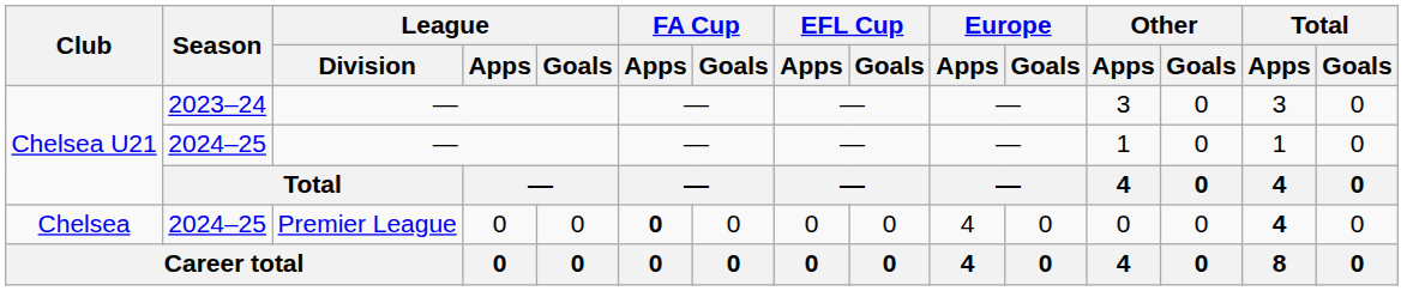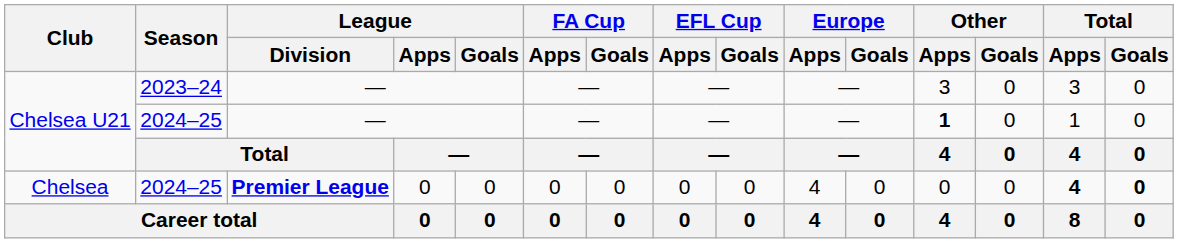 <table class=wikitable style=text-align:center>
 <tr>
 <th rowspan=2>Club</th>
 <th rowspan=2>Season</th>
 <th colspan=3>League</th>
 <th colspan=2><a href='#'>FA Cup</a></th>
 <th colspan=2><a href='#'>EFL Cup</a></th>
 <th colspan=2><a href='#'>Europe</a></th>
 <th colspan=2>Other</th>
 <th colspan=2>Total</th>
 </tr>
 <tr>
 <th>Division</th>
 <th>Apps</th>
 <th>Goals</th>
 <th>Apps</th>
 <th>Goals</th>
 <th>Apps</th>
 <th>Goals</th>
 <th>Apps</th>
 <th>Goals</th>
 <th>Apps</th>
 <th>Goals</th>
 <th>Apps</th>
 <th>Goals</th>
 </tr>
 <tr>
 <td rowspan=3><a href='#'>Chelsea U21</a></td>
 <td><a href='#'>2023–24</a></td>
 <td colspan=3>—</td>
 <td colspan=2>—</td>
 <td colspan=2>—</td>
 <td colspan=2>—</td>
 <td>3</td>
 <td>0</td>
 <td>3</td>
 <td>0</td>
 </tr>
 <tr>
 <td><a href='#'>2024–25</a></td>
 <td colspan=3>—</td>
 <td colspan=2>—</td>
 <td colspan=2>—</td>
 <td colspan=2>—</td>
-<td>1</td>
+<td><strong>1</strong></td>
 <td>0</td>
 <td>1</td>
 <td>0</td>
 </tr>
 <tr>
 <th colspan=2>Total</th>
 <th colspan=2>—</th>
 <th colspan=2>—</th>
 <th colspan=2>—</th>
 <th colspan=2>—</th>
 <th>4</th>
 <th>0</th>
 <th>4</th>
 <th>0</th>
 </tr>
 <tr>
 <td><a href='#'>Chelsea</a></td>
 <td><a href='#'>2024–25</a></td>
-<td><a href='#'>Premier League</a></td>
+<td><strong><a href='#'>Premier League</a></strong></td>
 <td>0</td>
 <td>0</td>
-<td><strong>0</strong></td>
+<td>0</td>
 <td>0</td>
 <td>0</td>
 <td>0</td>
 <td>4</td>
 <td>0</td>
 <td>0</td>
 <td>0</td>
 <td><strong>4</strong></td>
-<td>0</td>
+<td><strong>0</strong></td>
 </tr>
 <tr>
 <th colspan=3>Career total</th>
 <th>0</th>
 <th>0</th>
 <th>0</th>
 <th>0</th>
 <th>0</th>
 <th>0</th>
 <th>4</th>
 <th>0</th>
 <th>4</th>
 <th>0</th>
 <th>8</th>
 <th>0</th>
 </tr>
 </table>
